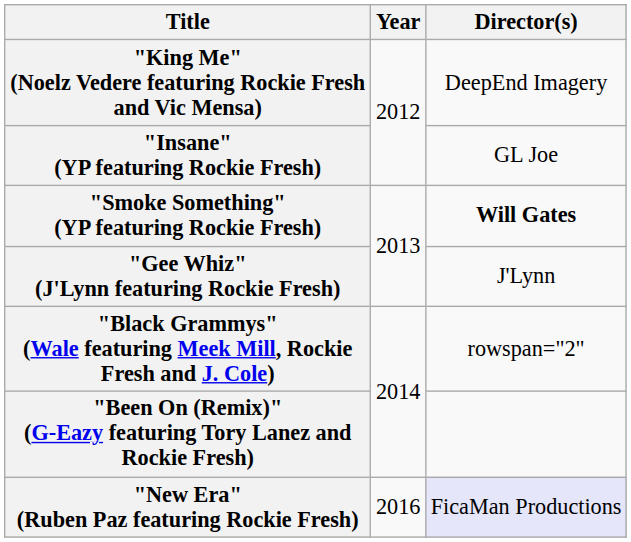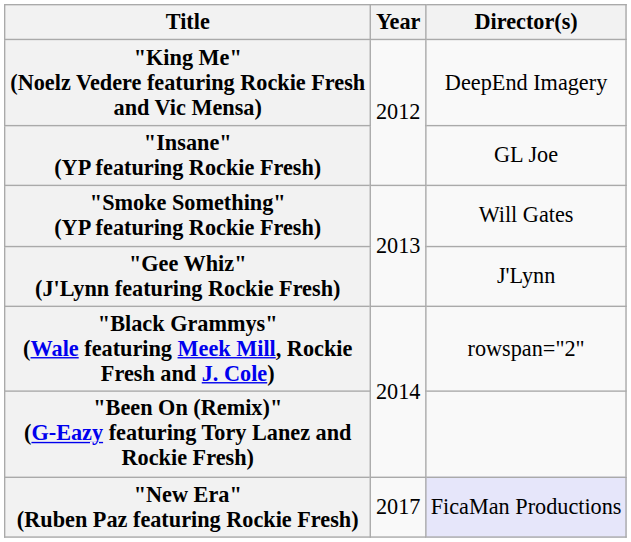 <table class="wikitable plainrowheaders" style="text-align:center;">
 <tr>
 <th scope="col" style="width:16em;">Title</th>
 <th scope="col">Year</th>
 <th scope="col">Director(s)</th>
 </tr>
 <tr>
 <th scope="row">"King Me"<br><span>(Noelz Vedere featuring Rockie Fresh and Vic Mensa)</span></th>
 <td rowspan="2">2012</td>
 <td>DeepEnd Imagery</td>
 </tr>
 <tr>
 <th scope="row">"Insane"<br><span>(YP featuring Rockie Fresh)</span></th>
 <td>GL Joe</td>
 </tr>
 <tr>
 <th scope="row">"Smoke Something"<br><span>(YP featuring Rockie Fresh)</span></th>
 <td rowspan="2">2013</td>
-<td><strong>Will Gates</strong></td>
+<td>Will Gates</td>
 </tr>
 <tr>
 <th scope="row">"Gee Whiz"<br><span>(J'Lynn featuring Rockie Fresh)</span></th>
 <td>J'Lynn</td>
 </tr>
 <tr>
 <th scope="row">"Black Grammys"<br><span>(<a href='#'>Wale</a> featuring <a href='#'>Meek Mill</a>, Rockie Fresh and <a href='#'>J. Cole</a>)</span></th>
 <td rowspan="2">2014</td>
 <td>rowspan="2" </td>
 </tr>
 <tr>
 <th scope="row">"Been On (Remix)"<br><span>(<a href='#'>G-Eazy</a> featuring Tory Lanez and Rockie Fresh)</span></th>
 </tr>
 <tr>
 <th scope="row">"New Era"<br><span>(Ruben Paz featuring Rockie Fresh)</span></th>
-<td>2016</td>
+<td>2017</td>
 <td style="background: lavender;">FicaMan Productions</td>
 </tr>
 </table>
